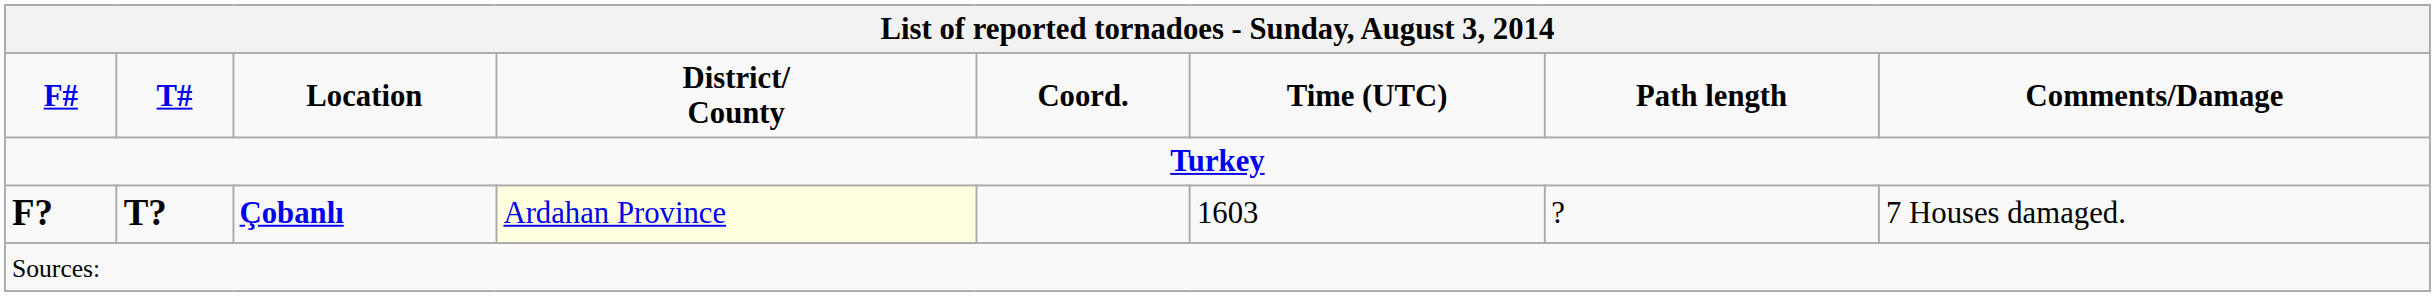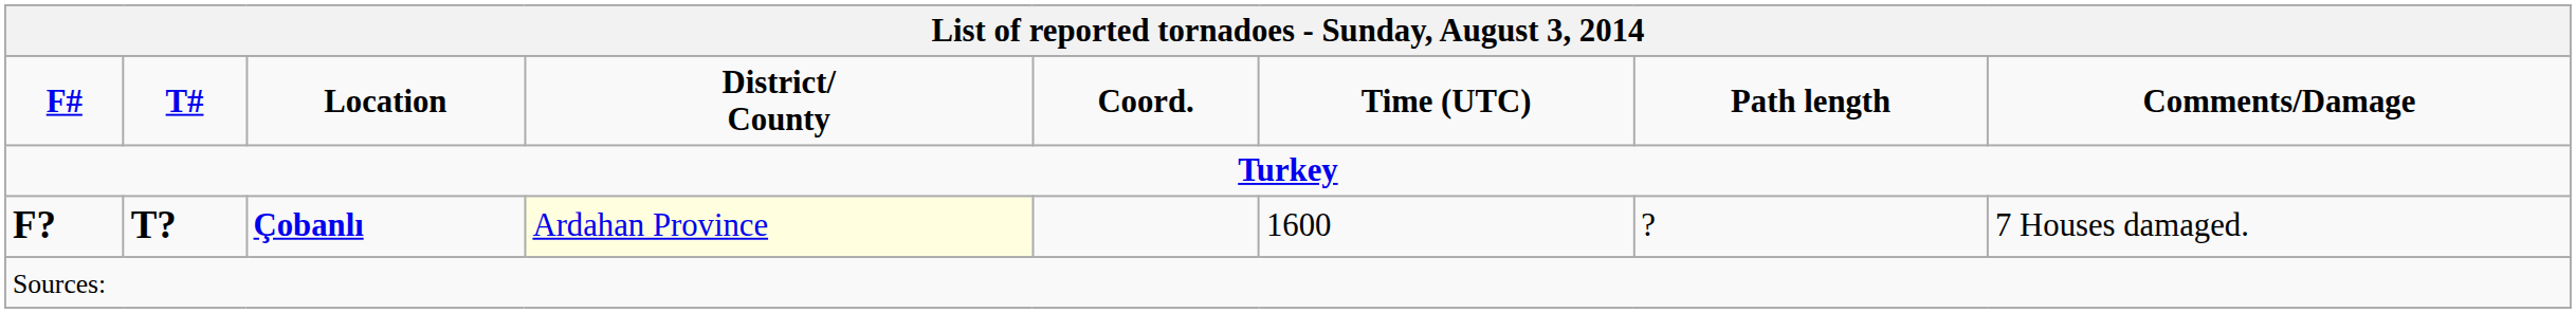 <table class="wikitable collapsible" width="100%">
 <tr>
 <th colspan="8">List of reported tornadoes - Sunday, August 3, 2014</th>
 </tr>
 <tr>
 <td style="text-align: center;"><strong><a href='#'>F#</a></strong></td>
 <td style="text-align: center;"><strong><a href='#'>T#</a></strong></td>
 <td style="text-align: center;"><strong>Location</strong></td>
 <td style="text-align: center;"><strong>District/<br>County</strong></td>
 <td style="text-align: center;"><strong>Coord.</strong></td>
 <td style="text-align: center;"><strong>Time (UTC)</strong></td>
 <td style="text-align: center;"><strong>Path length</strong></td>
 <td style="text-align: center;"><strong>Comments/Damage</strong></td>
 </tr>
 <tr>
 <td colspan="8" align=center><strong><a href='#'>Turkey</a></strong></td>
 </tr>
 <tr>
 <td><big><strong>F?</strong></big></td>
 <td><big><strong>T?</strong></big></td>
 <td><strong><a href='#'>Çobanlı</a></strong></td>
 <td style="background: lightyellow;"><a href='#'>Ardahan Province</a></td>
 <td></td>
-<td>1603</td>
+<td>1600</td>
 <td>?</td>
 <td>7 Houses damaged.</td>
 </tr>
 <tr>
 <td colspan="8"><small>Sources:</small></td>
 </tr>
 </table>
